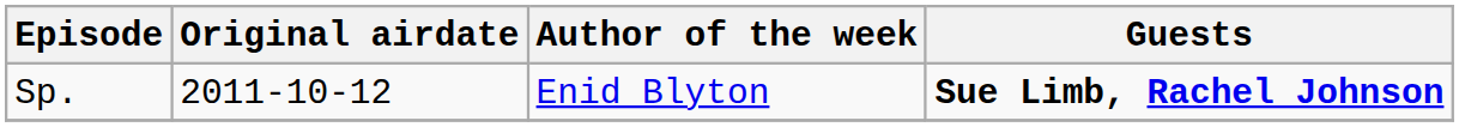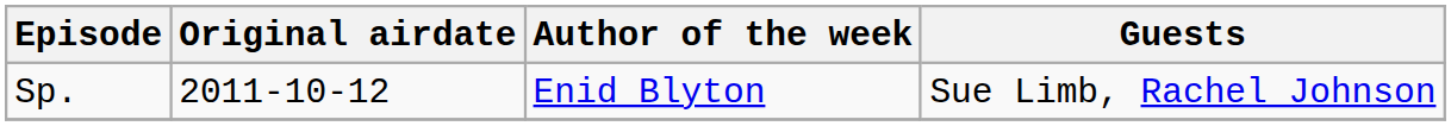 <table class="wikitable">
 <tr>
 <th>Episode</th>
 <th>Original airdate</th>
 <th>Author of the week</th>
 <th>Guests</th>
 </tr>
 <tr>
 <td>Sp.</td>
 <td>2011-10-12</td>
 <td><a href='#'>Enid Blyton</a></td>
-<td><strong>Sue Limb, <a href='#'>Rachel Johnson</a></strong></td>
+<td>Sue Limb, <a href='#'>Rachel Johnson</a></td>
 </tr>
 <tr>
 </tr>
 </table>
